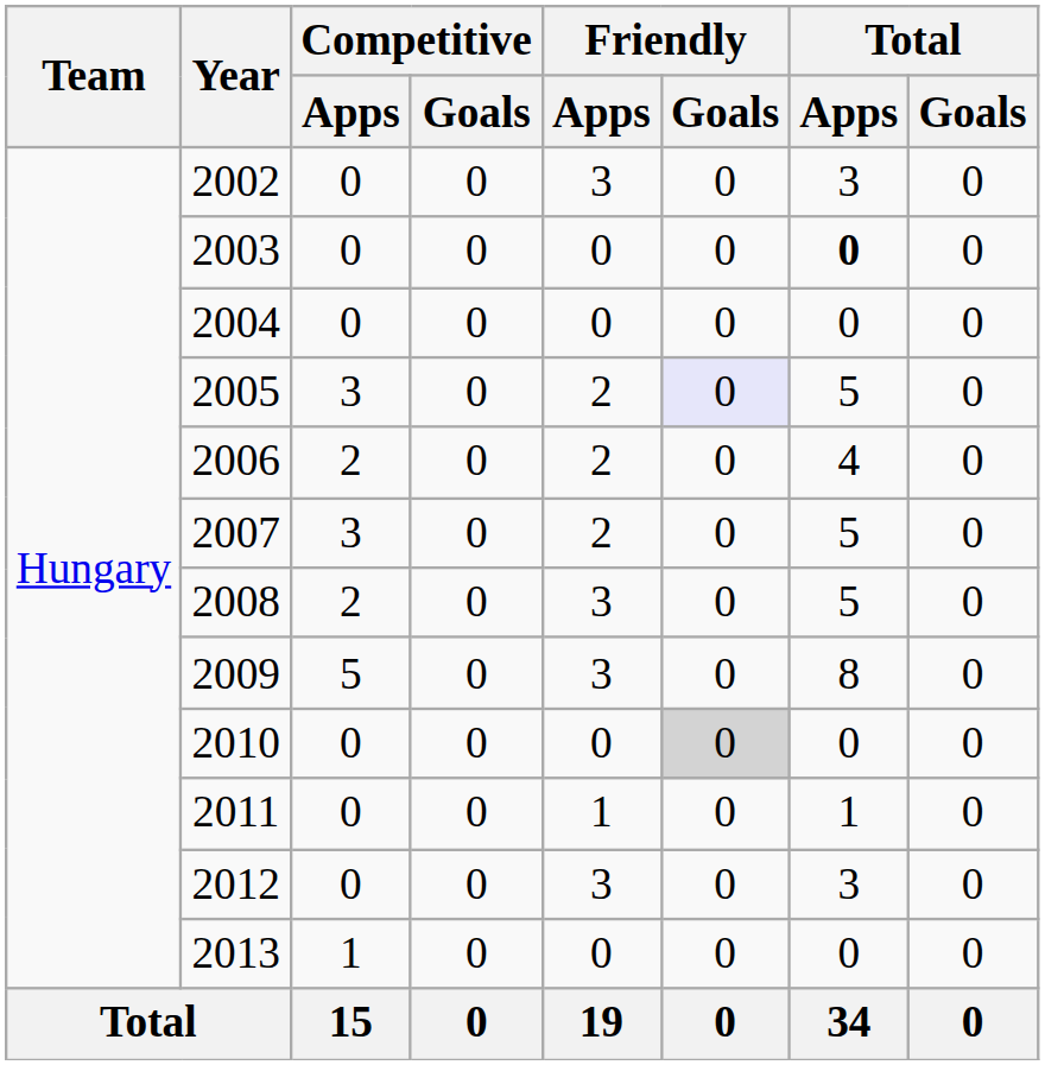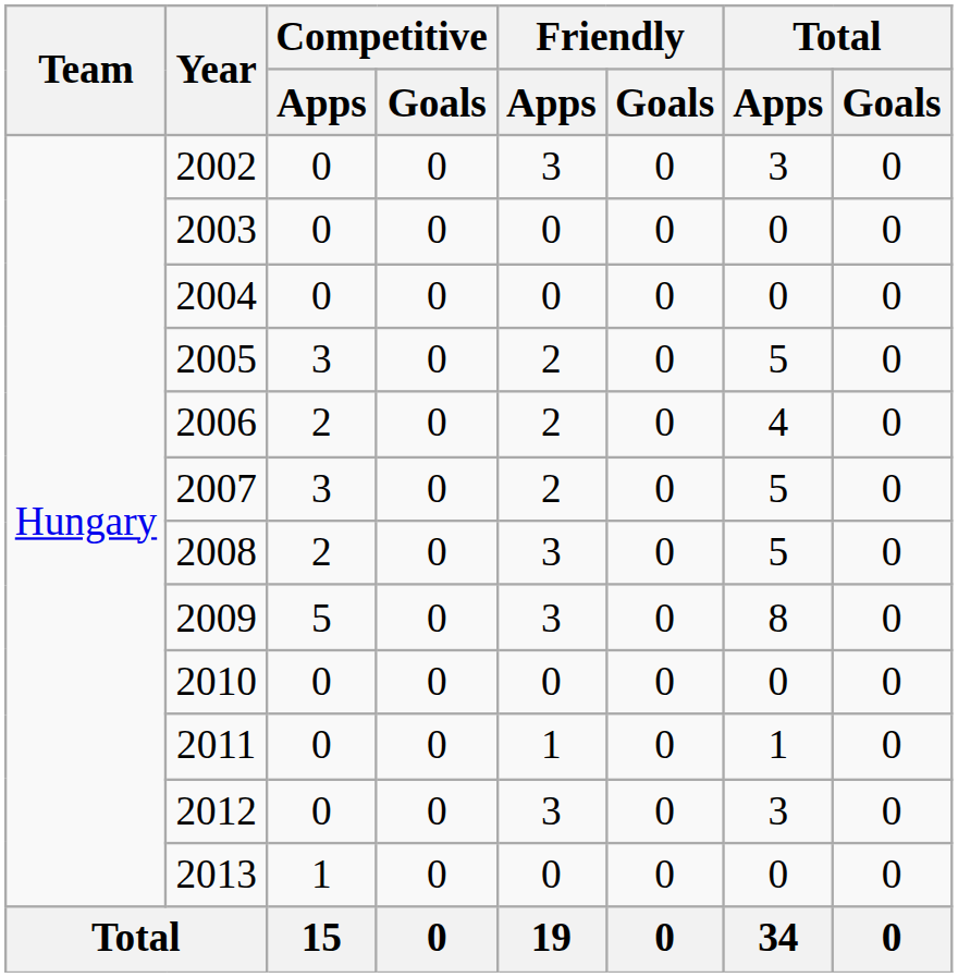 <table class="wikitable" style="text-align:center">
 <tr>
 <th rowspan="2">Team</th>
 <th rowspan="2">Year</th>
 <th colspan="2">Competitive</th>
 <th colspan="2">Friendly</th>
 <th colspan="2">Total</th>
 </tr>
 <tr>
 <th>Apps</th>
 <th>Goals</th>
 <th>Apps</th>
 <th>Goals</th>
 <th>Apps</th>
 <th>Goals</th>
 </tr>
 <tr>
 <td rowspan="12"><a href='#'>Hungary</a></td>
 <td>2002</td>
 <td>0</td>
 <td>0</td>
 <td>3</td>
 <td>0</td>
 <td>3</td>
 <td>0</td>
 </tr>
 <tr>
 <td>2003</td>
 <td>0</td>
 <td>0</td>
 <td>0</td>
 <td>0</td>
-<td><strong>0</strong></td>
+<td>0</td>
 <td>0</td>
 </tr>
 <tr>
 <td>2004</td>
 <td>0</td>
 <td>0</td>
 <td>0</td>
 <td>0</td>
 <td>0</td>
 <td>0</td>
 </tr>
 <tr>
 <td>2005</td>
 <td>3</td>
 <td>0</td>
 <td>2</td>
-<td style="background: lavender;">0</td>
+<td>0</td>
 <td>5</td>
 <td>0</td>
 </tr>
 <tr>
 <td>2006</td>
 <td>2</td>
 <td>0</td>
 <td>2</td>
 <td>0</td>
 <td>4</td>
 <td>0</td>
 </tr>
 <tr>
 <td>2007</td>
 <td>3</td>
 <td>0</td>
 <td>2</td>
 <td>0</td>
 <td>5</td>
 <td>0</td>
 </tr>
 <tr>
 <td>2008</td>
 <td>2</td>
 <td>0</td>
 <td>3</td>
 <td>0</td>
 <td>5</td>
 <td>0</td>
 </tr>
 <tr>
 <td>2009</td>
 <td>5</td>
 <td>0</td>
 <td>3</td>
 <td>0</td>
 <td>8</td>
 <td>0</td>
 </tr>
 <tr>
 <td>2010</td>
 <td>0</td>
 <td>0</td>
 <td>0</td>
-<td style="background: lightgrey;">0</td>
+<td>0</td>
 <td>0</td>
 <td>0</td>
 </tr>
 <tr>
 <td>2011</td>
 <td>0</td>
 <td>0</td>
 <td>1</td>
 <td>0</td>
 <td>1</td>
 <td>0</td>
 </tr>
 <tr>
 <td>2012</td>
 <td>0</td>
 <td>0</td>
 <td>3</td>
 <td>0</td>
 <td>3</td>
 <td>0</td>
 </tr>
 <tr>
 <td>2013</td>
 <td>1</td>
 <td>0</td>
 <td>0</td>
 <td>0</td>
 <td>0</td>
 <td>0</td>
 </tr>
 <tr>
 <th colspan="2">Total</th>
 <th>15</th>
 <th>0</th>
 <th>19</th>
 <th>0</th>
 <th>34</th>
 <th>0</th>
 </tr>
 </table>
